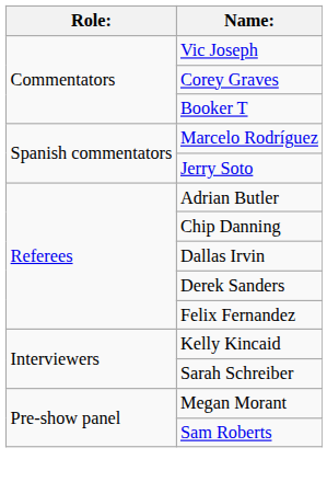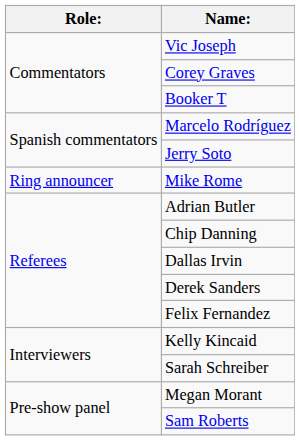 <table class=wikitable style="font-size:90%; margin: 0.5em 0 0.5em 1em; float: right; clear: right;">
 <tr>
 <th>Role:</th>
 <th>Name:</th>
 </tr>
 <tr>
 <td rowspan="3">Commentators</td>
 <td><a href='#'>Vic Joseph</a></td>
 </tr>
 <tr>
 <td><a href='#'>Corey Graves</a></td>
 </tr>
 <tr>
 <td><a href='#'>Booker T</a></td>
 </tr>
 <tr>
 <td rowspan=2>Spanish commentators</td>
 <td><a href='#'>Marcelo Rodríguez</a></td>
 </tr>
 <tr>
 <td><a href='#'>Jerry Soto</a></td>
+</tr>
+<tr>
+<td rowspan=1><a href='#'>Ring announcer</a></td>
+<td><a href='#'>Mike Rome</a></td>
 </tr>
 <tr>
 <td rowspan=5><a href='#'>Referees</a></td>
 <td>Adrian Butler</td>
 </tr>
 <tr>
 <td>Chip Danning</td>
 </tr>
 <tr>
 <td>Dallas Irvin</td>
 </tr>
 <tr>
 <td>Derek Sanders</td>
 </tr>
 <tr>
 <td>Felix Fernandez</td>
 </tr>
 <tr>
 <td rowspan=2>Interviewers</td>
 <td>Kelly Kincaid</td>
 </tr>
 <tr>
 <td>Sarah Schreiber</td>
 </tr>
 <tr>
 <td rowspan=2>Pre-show panel</td>
 <td>Megan Morant</td>
 </tr>
 <tr>
 <td><a href='#'>Sam Roberts</a></td>
 </tr>
 </table>
